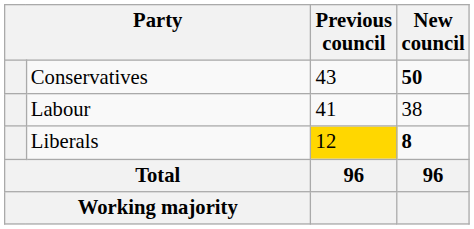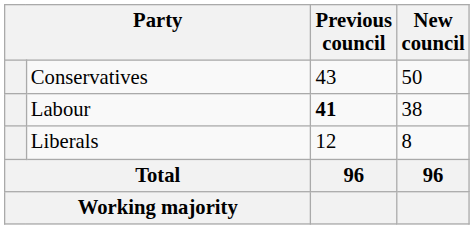 <table class="wikitable">
 <tr>
 <th valign=top colspan="2" style="width: 230px">Party</th>
 <th valign=top style="width: 30px">Previous council</th>
 <th valign=top style="width: 30px">New council</th>
 </tr>
 <tr>
 <th style="background-color: "></th>
 <td>Conservatives</td>
 <td>43</td>
-<td><strong>50</strong></td>
+<td>50</td>
 </tr>
 <tr>
 <th style="background-color: "></th>
 <td>Labour</td>
-<td>41</td>
+<td><strong>41</strong></td>
 <td>38</td>
 </tr>
 <tr>
 <th style="background-color: "></th>
 <td>Liberals</td>
-<td style="background: gold;">12</td>
-<td><strong>8</strong></td>
+<td>12</td>
+<td>8</td>
 </tr>
 <tr>
 <th colspan=2>Total</th>
 <th style="text-align: center">96</th>
 <th colspan=3>96</th>
 </tr>
 <tr>
 <th colspan=2>Working majority</th>
 <th></th>
 <th></th>
 </tr>
 </table>
